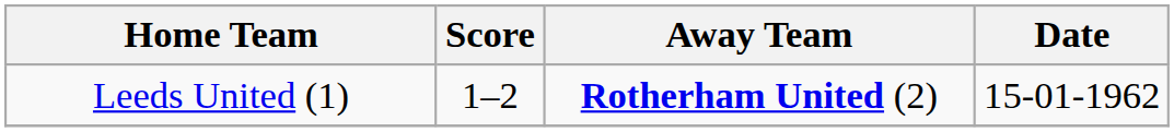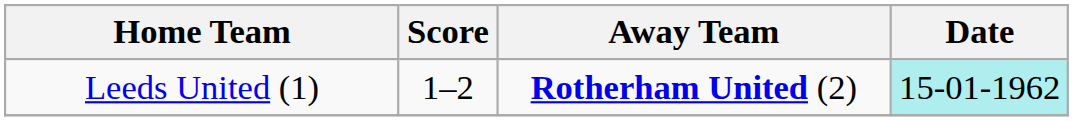 <table class="wikitable" style="text-align:center;">
 <tr>
 <th width=175>Home Team</th>
 <th width=20>Score</th>
 <th width=175>Away Team</th>
 <th width= 75>Date</th>
 </tr>
 <tr>
 <td><a href='#'>Leeds United</a> (1)</td>
 <td>1–2</td>
 <td><a href='#'><strong>Rotherham United</strong></a> (2)</td>
-<td>15-01-1962</td>
+<td style="background: paleturquoise;">15-01-1962</td>
 </tr>
 <tr>
 </tr>
 </table>
